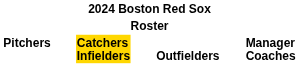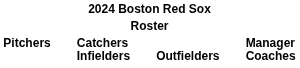 <table class="toccolours" style="font-size: 95%;">
 <tr>
 <th colspan="10">2024 Boston Red Sox</th>
 </tr>
 <tr>
 <th colspan="10">Roster</th>
 </tr>
 <tr>
 <td valign="top"><strong>Pitchers</strong><br>                              </td>
 <td style="width:25px;"></td>
-<td valign="top" style="background: gold;"><strong>Catchers</strong><br>    <strong>Infielders</strong>                </td>
+<td valign="top"><strong>Catchers</strong><br>    <strong>Infielders</strong>                </td>
 <td style="width:25px;"></td>
 <td valign="top"><br><strong>Outfielders</strong>     </td>
 <td style="width:25px;"></td>
 <td valign="top"><strong>Manager</strong><br> <strong>Coaches</strong>                      </td>
 </tr>
 </table>
